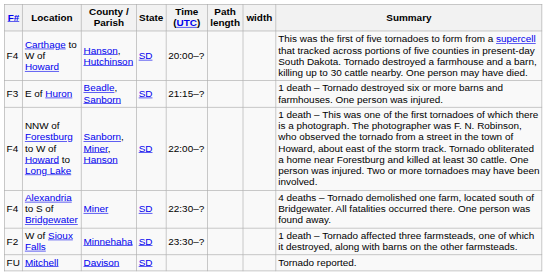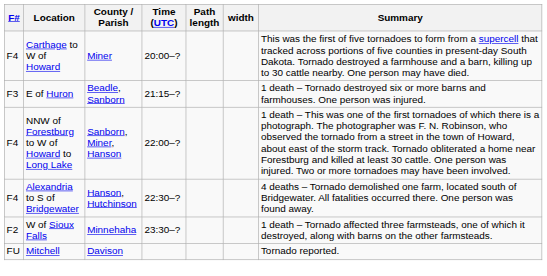 <table class="wikitable sortable">
 <tr>
 <th scope="col"  style="width:3%; text-align:center;"><a href='#'>F#</a></th>
 <th scope="col"  style="width:7%; text-align:center;" class="unsortable">Location</th>
 <th scope="col"  style="width:6%; text-align:center;" class="unsortable">County / Parish</th>
-<th scope="col"  style="width:5%; text-align:center;">State</th>
 <th scope="col"  style="width:6%; text-align:center;">Time (<a href='#'>UTC</a>)</th>
 <th scope="col"  style="width:6%; text-align:center;">Path length</th>
 <th scope="col"  style="width:6%; text-align:center;"> width</th>
 <th scope="col" class="unsortable" style="width:48%; text-align:center;">Summary</th>
 </tr>
 <tr>
 <td>F4</td>
 <td><a href='#'>Carthage</a> to W of <a href='#'>Howard</a></td>
-<td><a href='#'>Hanson</a>, <a href='#'>Hutchinson</a></td>
-<td><a href='#'>SD</a></td>
+<td><a href='#'>Miner</a></td>
 <td>20:00–?</td>
 <td></td>
 <td></td>
 <td>This was the first of five tornadoes to form from a <a href='#'>supercell</a> that tracked across portions of five counties in present-day South Dakota. Tornado destroyed a farmhouse and a barn, killing up to 30 cattle nearby. One person may have died.</td>
 </tr>
 <tr>
 <td>F3</td>
 <td>E of <a href='#'>Huron</a></td>
 <td><a href='#'>Beadle</a>, <a href='#'>Sanborn</a></td>
-<td><a href='#'>SD</a></td>
 <td>21:15–?</td>
 <td></td>
 <td></td>
 <td>1 death – Tornado destroyed six or more barns and farmhouses. One person was injured.</td>
 </tr>
 <tr>
 <td>F4</td>
 <td>NNW of <a href='#'>Forestburg</a> to W of <a href='#'>Howard</a> to <a href='#'>Long Lake</a></td>
 <td><a href='#'>Sanborn</a>, <a href='#'>Miner</a>, <a href='#'>Hanson</a></td>
-<td><a href='#'>SD</a></td>
 <td>22:00–?</td>
 <td></td>
 <td></td>
 <td>1 death – This was one of the first tornadoes of which there is a photograph. The photographer was F. N. Robinson, who observed the tornado from a street in the town of Howard, about  east of the storm track.  Tornado obliterated a home near Forestburg and killed at least 30 cattle. One person was injured. Two or more tornadoes may have been involved.</td>
 </tr>
 <tr>
 <td>F4</td>
 <td><a href='#'>Alexandria</a> to S of <a href='#'>Bridgewater</a></td>
-<td><a href='#'>Miner</a></td>
-<td><a href='#'>SD</a></td>
+<td><a href='#'>Hanson</a>, <a href='#'>Hutchinson</a></td>
 <td>22:30–?</td>
 <td></td>
 <td></td>
 <td>4 deaths – Tornado demolished one farm, located south of Bridgewater. All fatalities occurred there. One person was found  away.</td>
 </tr>
 <tr>
 <td>F2</td>
 <td>W of <a href='#'>Sioux Falls</a></td>
 <td><a href='#'>Minnehaha</a></td>
-<td><a href='#'>SD</a></td>
 <td>23:30–?</td>
 <td></td>
 <td></td>
 <td>1 death – Tornado affected three farmsteads, one of which it destroyed, along with barns on the other farmsteads.</td>
 </tr>
 <tr>
 <td>FU</td>
 <td><a href='#'>Mitchell</a></td>
 <td><a href='#'>Davison</a></td>
-<td><a href='#'>SD</a></td>
 <td></td>
 <td></td>
 <td></td>
 <td>Tornado reported.</td>
 </tr>
 </table>
